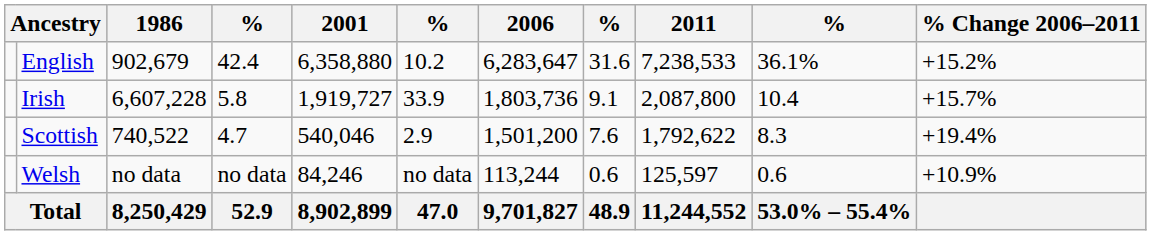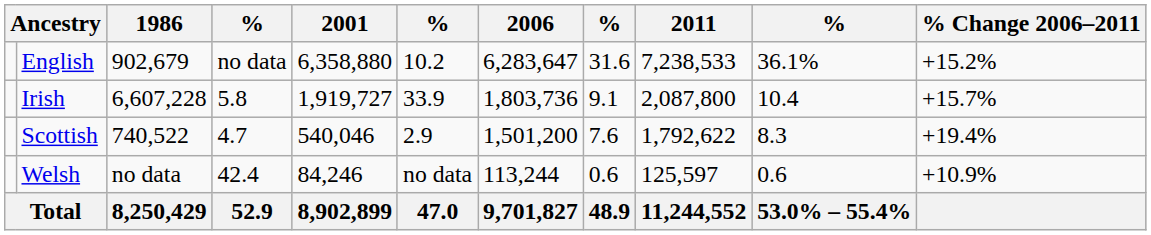 <table class= "wikitable">
 <tr>
 <th colspan="2">Ancestry</th>
 <th>1986</th>
 <th>%</th>
 <th>2001</th>
 <th>%</th>
 <th>2006</th>
 <th>%</th>
 <th>2011</th>
 <th>%</th>
 <th>% Change 2006–2011<br></th>
 </tr>
 <tr>
 <td style="text-align:center;"></td>
 <td><a href='#'>English</a></td>
 <td>902,679</td>
-<td>42.4</td>
+<td>no data</td>
 <td>6,358,880</td>
 <td>10.2</td>
 <td>6,283,647</td>
 <td>31.6</td>
 <td>7,238,533</td>
 <td>36.1%</td>
 <td>+15.2%</td>
 </tr>
 <tr>
 <td style="text-align:center;"></td>
 <td><a href='#'>Irish</a></td>
 <td>6,607,228</td>
 <td>5.8</td>
 <td>1,919,727</td>
 <td>33.9</td>
 <td>1,803,736</td>
 <td>9.1</td>
 <td>2,087,800</td>
 <td>10.4</td>
 <td>+15.7%</td>
 </tr>
 <tr>
 <td style="text-align:center;"></td>
 <td><a href='#'>Scottish</a></td>
 <td>740,522</td>
 <td>4.7</td>
 <td>540,046</td>
 <td>2.9</td>
 <td>1,501,200</td>
 <td>7.6</td>
 <td>1,792,622</td>
 <td>8.3</td>
 <td>+19.4%</td>
 </tr>
 <tr>
 <td style="text-align:center;"></td>
 <td><a href='#'>Welsh</a></td>
 <td>no data</td>
-<td>no data</td>
+<td>42.4</td>
 <td>84,246</td>
 <td>no data</td>
 <td>113,244</td>
 <td>0.6</td>
 <td>125,597</td>
 <td>0.6</td>
 <td>+10.9%</td>
 </tr>
 <tr>
 <th colspan="2">Total</th>
 <th>8,250,429</th>
 <th>52.9</th>
 <th>8,902,899</th>
 <th>47.0</th>
 <th>9,701,827</th>
 <th>48.9</th>
 <th>11,244,552</th>
 <th>53.0% – 55.4%</th>
 <th></th>
 </tr>
 </table>
